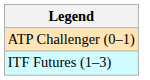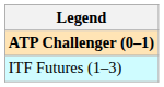 <table class=wikitable style=font-size:97%>
 <tr>
 <th>Legend</th>
 </tr>
 <tr bgcolor=moccasin>
-<td>ATP Challenger (0–1)</td>
+<td><strong>ATP Challenger (0–1)</strong></td>
 </tr>
 <tr bgcolor=cffcff>
 <td>ITF Futures (1–3)</td>
 </tr>
 </table>
